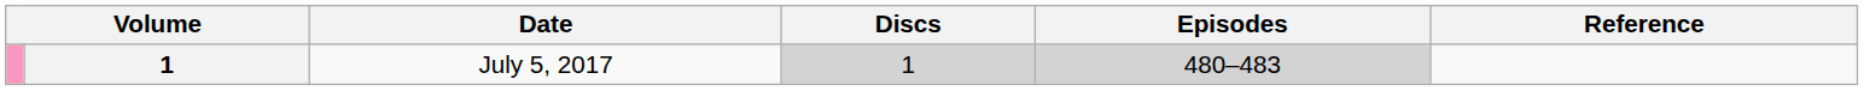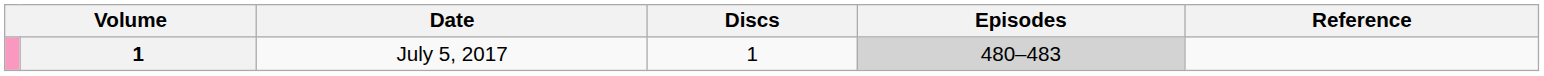 <table class="wikitable" style="text-align: center; width: 60%;">
 <tr>
 <th colspan="2">Volume</th>
 <th scope="col">Date</th>
 <th scope="col">Discs</th>
 <th scope="col">Episodes</th>
 <th scope="col">Reference</th>
 </tr>
 <tr>
 <td rowspan="2" width="1%" style="background: #FA98C0;"></td>
 <th scope="row">1</th>
 <td>July 5, 2017</td>
-<td style="background: lightgrey;">1</td>
+<td>1</td>
 <td style="background: lightgrey;">480–483</td>
 <td></td>
 </tr>
 </table>
